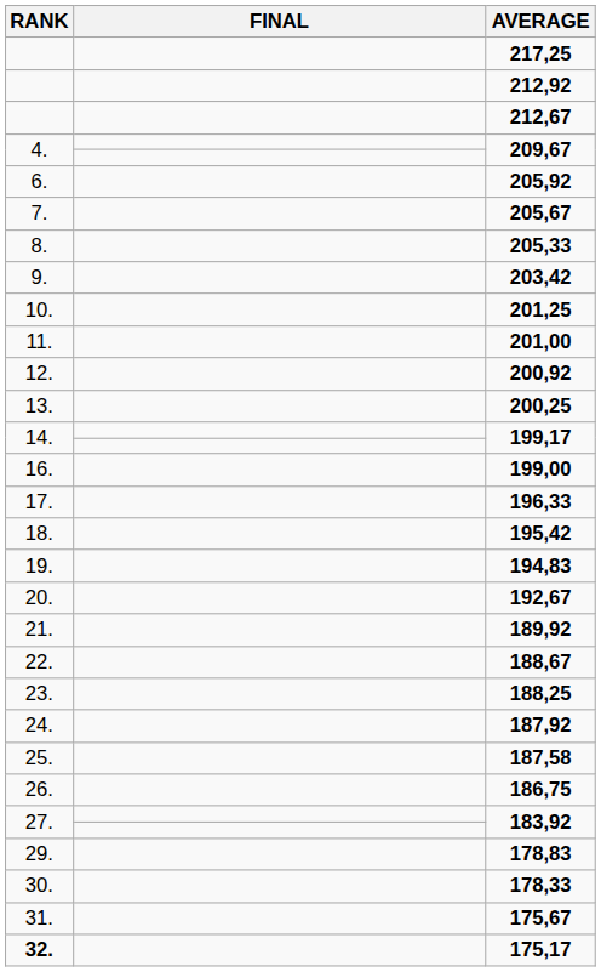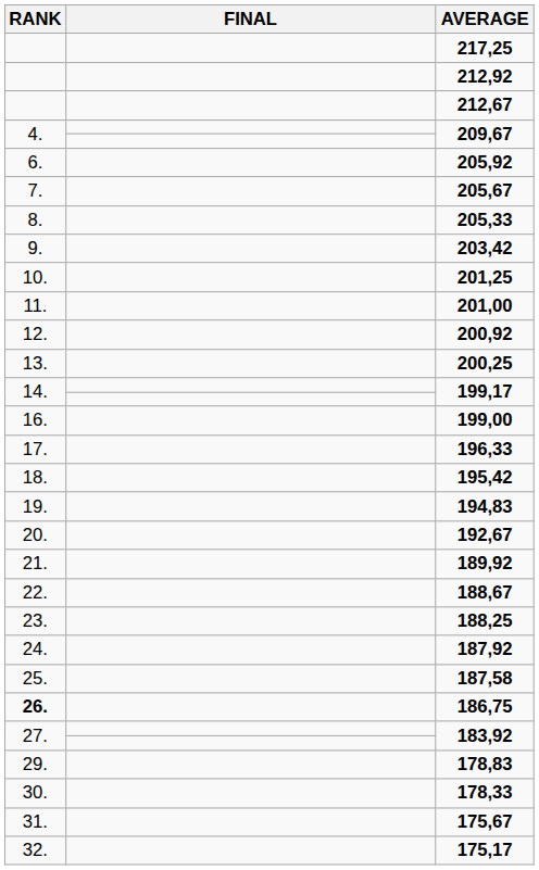 <table class="wikitable">
 <tr>
 <th>RANK</th>
 <th style="width: 20em">FINAL</th>
 <th style="width: 5em">AVERAGE</th>
 </tr>
 <tr>
 <td align="center"></td>
 <td></td>
 <td align="center"><strong>217,25</strong></td>
 </tr>
 <tr>
 <td align="center"></td>
 <td></td>
 <td align="center"><strong>212,92</strong></td>
 </tr>
 <tr>
 <td align="center"></td>
 <td></td>
 <td align="center"><strong>212,67</strong></td>
 </tr>
 <tr>
 <td rowspan=2 align="center">4.</td>
 <td></td>
 <td rowspan=2 align="center"><strong>209,67</strong></td>
 </tr>
 <tr>
 <td></td>
 </tr>
 <tr>
 <td align="center">6.</td>
 <td></td>
 <td align="center"><strong>205,92</strong></td>
 </tr>
 <tr>
 <td align="center">7.</td>
 <td></td>
 <td align="center"><strong>205,67</strong></td>
 </tr>
 <tr>
 <td align="center">8.</td>
 <td></td>
 <td align="center"><strong>205,33</strong></td>
 </tr>
 <tr>
 <td align="center">9.</td>
 <td></td>
 <td align="center"><strong>203,42</strong></td>
 </tr>
 <tr>
 <td align="center">10.</td>
 <td></td>
 <td align="center"><strong>201,25</strong></td>
 </tr>
 <tr>
 <td align="center">11.</td>
 <td></td>
 <td align="center"><strong>201,00</strong></td>
 </tr>
 <tr>
 <td align="center">12.</td>
 <td></td>
 <td align="center"><strong>200,92</strong></td>
 </tr>
 <tr>
 <td align="center">13.</td>
 <td></td>
 <td align="center"><strong>200,25</strong></td>
 </tr>
 <tr>
 <td rowspan=2 align="center">14.</td>
 <td></td>
 <td rowspan=2 align="center"><strong>199,17</strong></td>
 </tr>
 <tr>
 <td></td>
 </tr>
 <tr>
 <td align="center">16.</td>
 <td></td>
 <td align="center"><strong>199,00</strong></td>
 </tr>
 <tr>
 <td align="center">17.</td>
 <td></td>
 <td align="center"><strong>196,33</strong></td>
 </tr>
 <tr>
 <td align="center">18.</td>
 <td></td>
 <td align="center"><strong>195,42</strong></td>
 </tr>
 <tr>
 <td align="center">19.</td>
 <td></td>
 <td align="center"><strong>194,83</strong></td>
 </tr>
 <tr>
 <td align="center">20.</td>
 <td></td>
 <td align="center"><strong>192,67</strong></td>
 </tr>
 <tr>
 <td align="center">21.</td>
 <td></td>
 <td align="center"><strong>189,92</strong></td>
 </tr>
 <tr>
 <td align="center">22.</td>
 <td></td>
 <td align="center"><strong>188,67</strong></td>
 </tr>
 <tr>
 <td align="center">23.</td>
 <td></td>
 <td align="center"><strong>188,25</strong></td>
 </tr>
 <tr>
 <td align="center">24.</td>
 <td></td>
 <td align="center"><strong>187,92</strong></td>
 </tr>
 <tr>
 <td align="center">25.</td>
 <td></td>
 <td align="center"><strong>187,58</strong></td>
 </tr>
 <tr>
-<td align="center">26.</td>
+<td align="center"><strong>26.</strong></td>
 <td></td>
 <td align="center"><strong>186,75</strong></td>
 </tr>
 <tr>
 <td rowspan=2 align="center">27.</td>
 <td></td>
 <td rowspan=2 align="center"><strong>183,92</strong></td>
 </tr>
 <tr>
 <td></td>
 </tr>
 <tr>
 <td align="center">29.</td>
 <td></td>
 <td align="center"><strong>178,83</strong></td>
 </tr>
 <tr>
 <td align="center">30.</td>
 <td></td>
 <td align="center"><strong>178,33</strong></td>
 </tr>
 <tr>
 <td align="center">31.</td>
 <td></td>
 <td align="center"><strong>175,67</strong></td>
 </tr>
 <tr>
-<td align="center"><strong>32.</strong></td>
+<td align="center">32.</td>
 <td></td>
 <td align="center"><strong>175,17</strong></td>
 </tr>
 </table>
